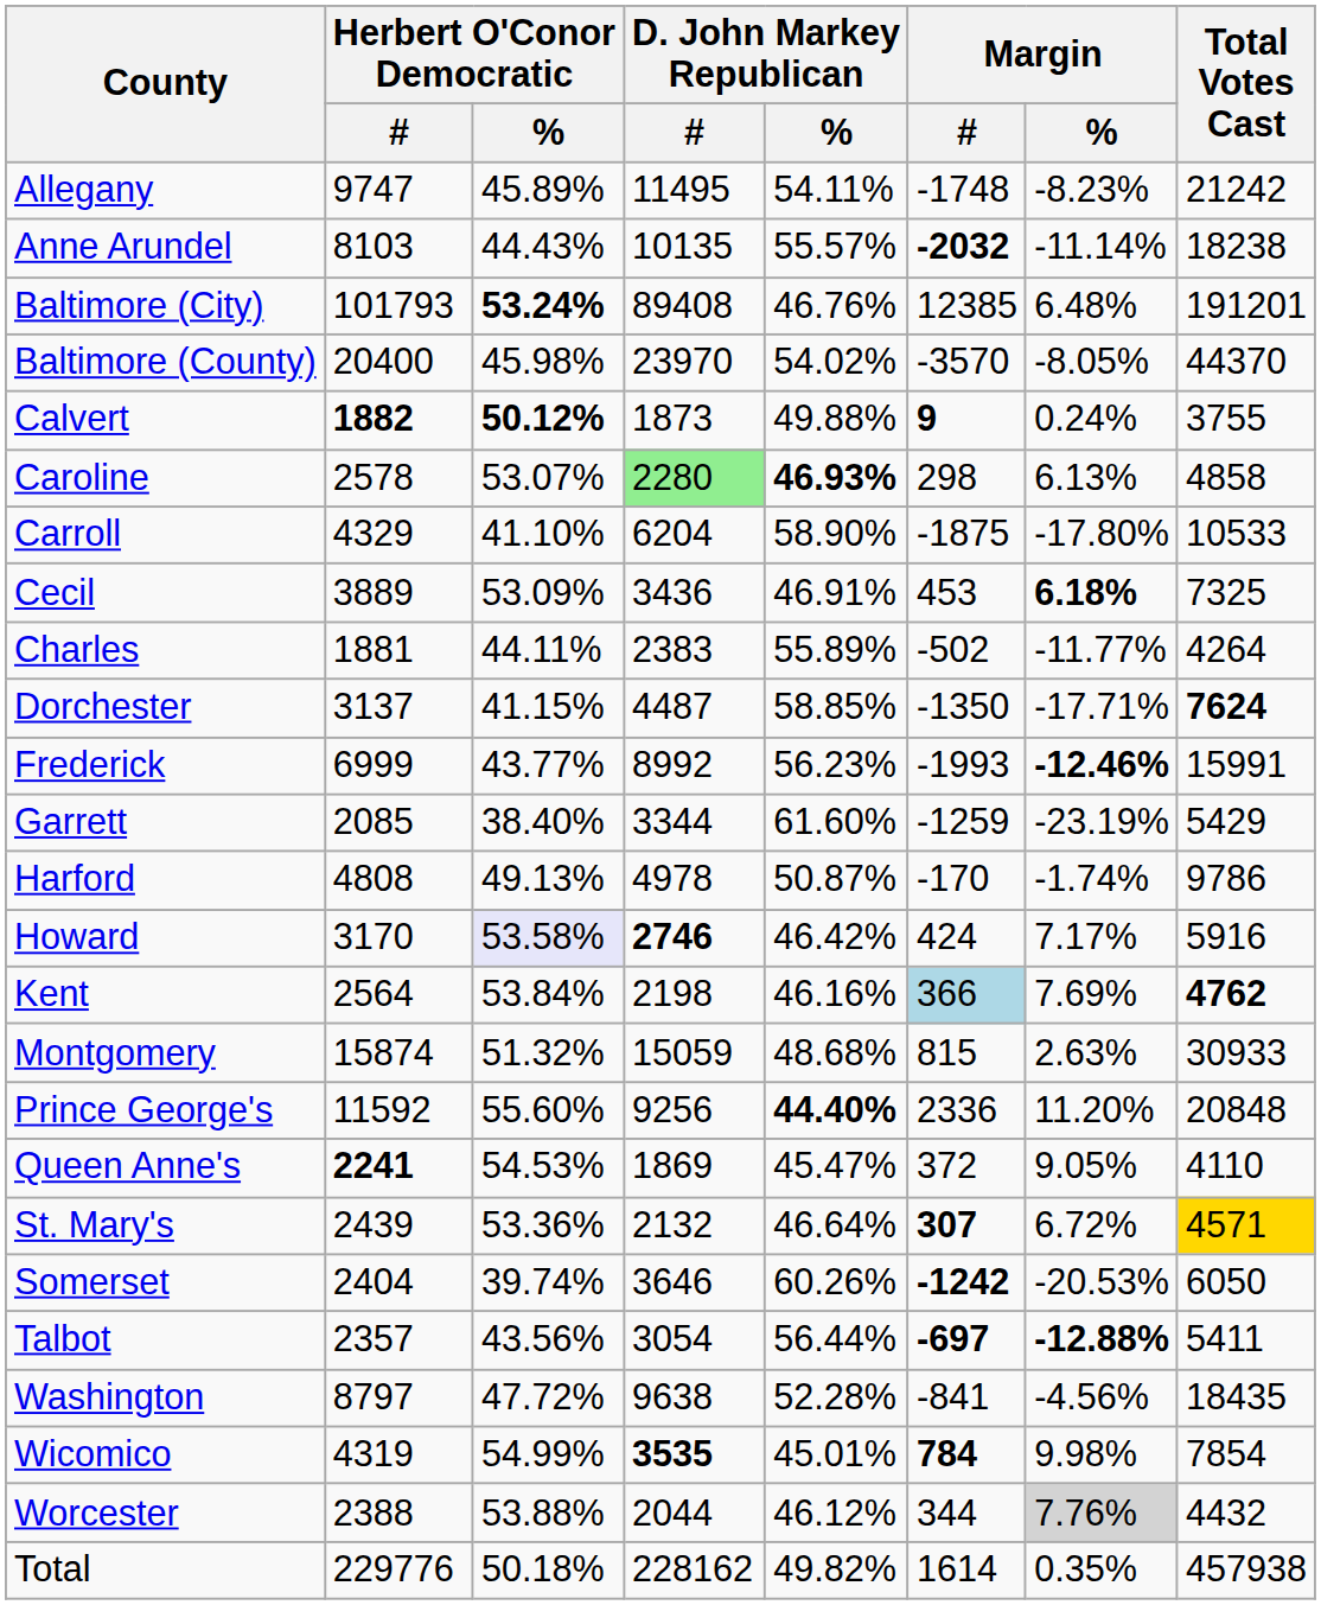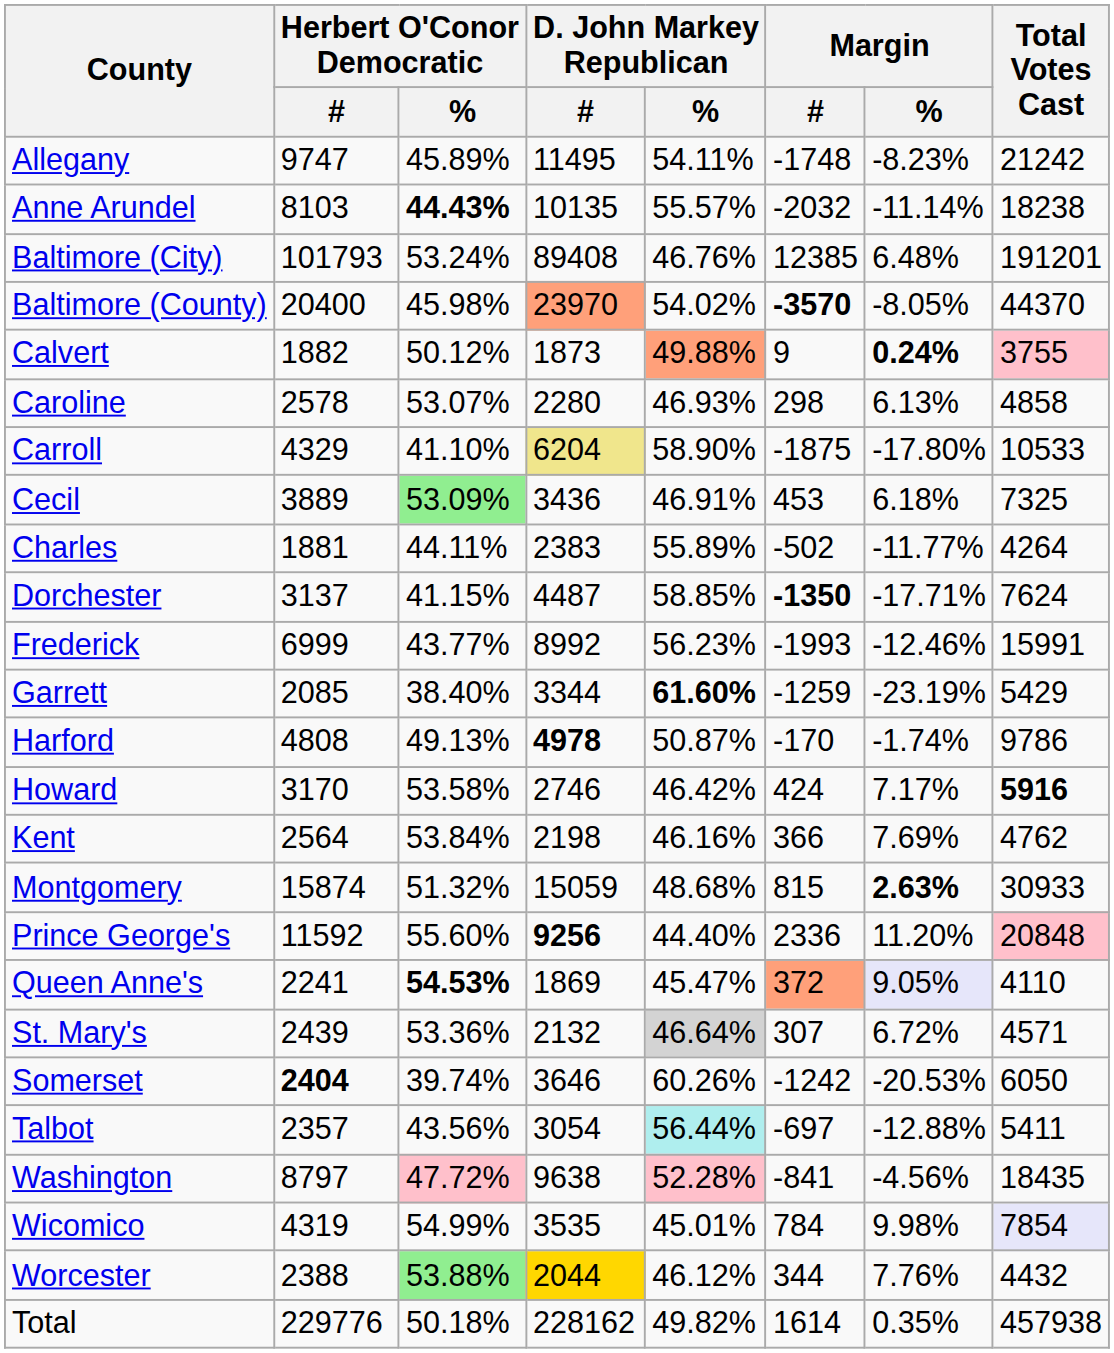 <table class="wikitable sortable">
 <tr>
 <th rowspan="2">County</th>
 <th colspan="2" >Herbert O'Conor<br>Democratic</th>
 <th colspan="2" >D. John Markey<br>Republican</th>
 <th colspan="2">Margin</th>
 <th rowspan="2">Total<br>Votes<br>Cast</th>
 </tr>
 <tr>
 <th>#</th>
 <th>%</th>
 <th>#</th>
 <th>%</th>
 <th>#</th>
 <th>%</th>
 </tr>
 <tr>
 <td><a href='#'>Allegany</a></td>
 <td>9747</td>
 <td>45.89%</td>
 <td>11495</td>
 <td>54.11%</td>
 <td>-1748</td>
 <td>-8.23%</td>
 <td>21242</td>
 </tr>
 <tr>
 <td><a href='#'>Anne Arundel</a></td>
 <td>8103</td>
-<td>44.43%</td>
+<td><strong>44.43%</strong></td>
 <td>10135</td>
 <td>55.57%</td>
-<td><strong>-2032</strong></td>
+<td>-2032</td>
 <td>-11.14%</td>
 <td>18238</td>
 </tr>
 <tr>
 <td><a href='#'>Baltimore (City)</a></td>
 <td>101793</td>
-<td><strong>53.24%</strong></td>
+<td>53.24%</td>
 <td>89408</td>
 <td>46.76%</td>
 <td>12385</td>
 <td>6.48%</td>
 <td>191201</td>
 </tr>
 <tr>
 <td><a href='#'>Baltimore (County)</a></td>
 <td>20400</td>
 <td>45.98%</td>
-<td>23970</td>
+<td style="background: lightsalmon;">23970</td>
 <td>54.02%</td>
-<td>-3570</td>
+<td><strong>-3570</strong></td>
 <td>-8.05%</td>
 <td>44370</td>
 </tr>
 <tr>
 <td><a href='#'>Calvert</a></td>
-<td><strong>1882</strong></td>
-<td><strong>50.12%</strong></td>
+<td>1882</td>
+<td>50.12%</td>
 <td>1873</td>
-<td>49.88%</td>
-<td><strong>9</strong></td>
-<td>0.24%</td>
-<td>3755</td>
+<td style="background: lightsalmon;">49.88%</td>
+<td>9</td>
+<td><strong>0.24%</strong></td>
+<td style="background: pink;">3755</td>
 </tr>
 <tr>
 <td><a href='#'>Caroline</a></td>
 <td>2578</td>
 <td>53.07%</td>
-<td style="background: lightgreen;">2280</td>
-<td><strong>46.93%</strong></td>
+<td>2280</td>
+<td>46.93%</td>
 <td>298</td>
 <td>6.13%</td>
 <td>4858</td>
 </tr>
 <tr>
 <td><a href='#'>Carroll</a></td>
 <td>4329</td>
 <td>41.10%</td>
-<td>6204</td>
+<td style="background: khaki;">6204</td>
 <td>58.90%</td>
 <td>-1875</td>
 <td>-17.80%</td>
 <td>10533</td>
 </tr>
 <tr>
 <td><a href='#'>Cecil</a></td>
 <td>3889</td>
-<td>53.09%</td>
+<td style="background: lightgreen;">53.09%</td>
 <td>3436</td>
 <td>46.91%</td>
 <td>453</td>
-<td><strong>6.18%</strong></td>
+<td>6.18%</td>
 <td>7325</td>
 </tr>
 <tr>
 <td><a href='#'>Charles</a></td>
 <td>1881</td>
 <td>44.11%</td>
 <td>2383</td>
 <td>55.89%</td>
 <td>-502</td>
 <td>-11.77%</td>
 <td>4264</td>
 </tr>
 <tr>
 <td><a href='#'>Dorchester</a></td>
 <td>3137</td>
 <td>41.15%</td>
 <td>4487</td>
 <td>58.85%</td>
-<td>-1350</td>
+<td><strong>-1350</strong></td>
 <td>-17.71%</td>
-<td><strong>7624</strong></td>
+<td>7624</td>
 </tr>
 <tr>
 <td><a href='#'>Frederick</a></td>
 <td>6999</td>
 <td>43.77%</td>
 <td>8992</td>
 <td>56.23%</td>
 <td>-1993</td>
-<td><strong>-12.46%</strong></td>
+<td>-12.46%</td>
 <td>15991</td>
 </tr>
 <tr>
 <td><a href='#'>Garrett</a></td>
 <td>2085</td>
 <td>38.40%</td>
 <td>3344</td>
-<td>61.60%</td>
+<td><strong>61.60%</strong></td>
 <td>-1259</td>
 <td>-23.19%</td>
 <td>5429</td>
 </tr>
 <tr>
 <td><a href='#'>Harford</a></td>
 <td>4808</td>
 <td>49.13%</td>
-<td>4978</td>
+<td><strong>4978</strong></td>
 <td>50.87%</td>
 <td>-170</td>
 <td>-1.74%</td>
 <td>9786</td>
 </tr>
 <tr>
 <td><a href='#'>Howard</a></td>
 <td>3170</td>
-<td style="background: lavender;">53.58%</td>
-<td><strong>2746</strong></td>
+<td>53.58%</td>
+<td>2746</td>
 <td>46.42%</td>
 <td>424</td>
 <td>7.17%</td>
-<td>5916</td>
+<td><strong>5916</strong></td>
 </tr>
 <tr>
 <td><a href='#'>Kent</a></td>
 <td>2564</td>
 <td>53.84%</td>
 <td>2198</td>
 <td>46.16%</td>
-<td style="background: lightblue;">366</td>
+<td>366</td>
 <td>7.69%</td>
-<td><strong>4762</strong></td>
+<td>4762</td>
 </tr>
 <tr>
 <td><a href='#'>Montgomery</a></td>
 <td>15874</td>
 <td>51.32%</td>
 <td>15059</td>
 <td>48.68%</td>
 <td>815</td>
-<td>2.63%</td>
+<td><strong>2.63%</strong></td>
 <td>30933</td>
 </tr>
 <tr>
 <td><a href='#'>Prince George's</a></td>
 <td>11592</td>
 <td>55.60%</td>
-<td>9256</td>
-<td><strong>44.40%</strong></td>
+<td><strong>9256</strong></td>
+<td>44.40%</td>
 <td>2336</td>
 <td>11.20%</td>
-<td>20848</td>
+<td style="background: pink;">20848</td>
 </tr>
 <tr>
 <td><a href='#'>Queen Anne's</a></td>
-<td><strong>2241</strong></td>
-<td>54.53%</td>
+<td>2241</td>
+<td><strong>54.53%</strong></td>
 <td>1869</td>
 <td>45.47%</td>
-<td>372</td>
-<td>9.05%</td>
+<td style="background: lightsalmon;">372</td>
+<td style="background: lavender;">9.05%</td>
 <td>4110</td>
 </tr>
 <tr>
 <td><a href='#'>St. Mary's</a></td>
 <td>2439</td>
 <td>53.36%</td>
 <td>2132</td>
-<td>46.64%</td>
-<td><strong>307</strong></td>
+<td style="background: lightgrey;">46.64%</td>
+<td>307</td>
 <td>6.72%</td>
-<td style="background: gold;">4571</td>
+<td>4571</td>
 </tr>
 <tr>
 <td><a href='#'>Somerset</a></td>
-<td>2404</td>
+<td><strong>2404</strong></td>
 <td>39.74%</td>
 <td>3646</td>
 <td>60.26%</td>
-<td><strong>-1242</strong></td>
+<td>-1242</td>
 <td>-20.53%</td>
 <td>6050</td>
 </tr>
 <tr>
 <td><a href='#'>Talbot</a></td>
 <td>2357</td>
 <td>43.56%</td>
 <td>3054</td>
-<td>56.44%</td>
-<td><strong>-697</strong></td>
-<td><strong>-12.88%</strong></td>
+<td style="background: paleturquoise;">56.44%</td>
+<td>-697</td>
+<td>-12.88%</td>
 <td>5411</td>
 </tr>
 <tr>
 <td><a href='#'>Washington</a></td>
 <td>8797</td>
-<td>47.72%</td>
+<td style="background: pink;">47.72%</td>
 <td>9638</td>
-<td>52.28%</td>
+<td style="background: pink;">52.28%</td>
 <td>-841</td>
 <td>-4.56%</td>
 <td>18435</td>
 </tr>
 <tr>
 <td><a href='#'>Wicomico</a></td>
 <td>4319</td>
 <td>54.99%</td>
-<td><strong>3535</strong></td>
+<td>3535</td>
 <td>45.01%</td>
-<td><strong>784</strong></td>
+<td>784</td>
 <td>9.98%</td>
-<td>7854</td>
+<td style="background: lavender;">7854</td>
 </tr>
 <tr>
 <td><a href='#'>Worcester</a></td>
 <td>2388</td>
-<td>53.88%</td>
-<td>2044</td>
+<td style="background: lightgreen;">53.88%</td>
+<td style="background: gold;">2044</td>
 <td>46.12%</td>
 <td>344</td>
-<td style="background: lightgrey;">7.76%</td>
+<td>7.76%</td>
 <td>4432</td>
 </tr>
 <tr>
 <td>Total</td>
 <td>229776</td>
 <td>50.18%</td>
 <td>228162</td>
 <td>49.82%</td>
 <td>1614</td>
 <td>0.35%</td>
 <td>457938</td>
 </tr>
 </table>
